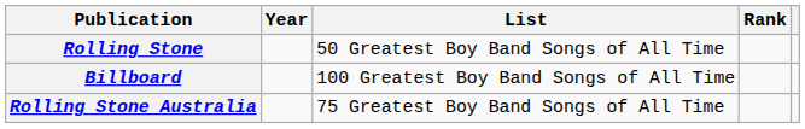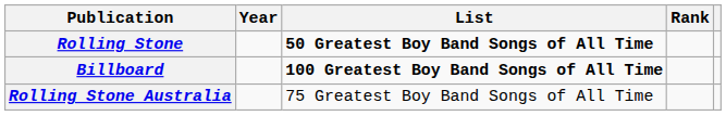 <table class="wikitable plainrowheaders">
 <tr>
 <th scope="col">Publication</th>
 <th scope="col">Year</th>
 <th scope="col" class="unsortable">List</th>
 <th scope="col" data-sort-type="number">Rank</th>
 <th scope="col" class="unsortable"></th>
 </tr>
 <tr>
 <th scope="row"><em><a href='#'>Rolling Stone</a></em></th>
 <td></td>
-<td>50 Greatest Boy Band Songs of All Time</td>
+<td><strong>50 Greatest Boy Band Songs of All Time</strong></td>
 <td></td>
 <td></td>
 </tr>
 <tr>
 <th scope="row"><em><a href='#'>Billboard</a></em></th>
 <td></td>
-<td>100 Greatest Boy Band Songs of All Time</td>
+<td><strong>100 Greatest Boy Band Songs of All Time</strong></td>
 <td></td>
 <td></td>
 </tr>
 <tr>
 <th scope="row"><em><a href='#'>Rolling Stone Australia</a></em></th>
 <td></td>
 <td>75 Greatest Boy Band Songs of All Time</td>
 <td></td>
 <td></td>
 </tr>
 </table>
